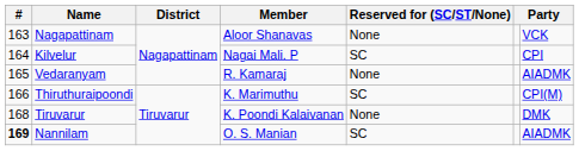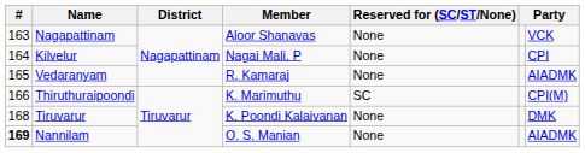 <table class="wikitable sortable">
 <tr>
 <th>#</th>
 <th>Name</th>
 <th>District</th>
 <th>Member</th>
 <th>Reserved for (<a href='#'>SC</a>/<a href='#'>ST</a>/None)</th>
 <th colspan="2">Party</th>
 </tr>
 <tr>
 <td>163</td>
 <td><a href='#'>Nagapattinam</a></td>
 <td rowspan="3"><a href='#'>Nagapattinam</a></td>
 <td><a href='#'>Aloor Shanavas</a></td>
 <td>None</td>
 <td style="background-color: "></td>
 <td><a href='#'>VCK</a></td>
 </tr>
 <tr>
 <td>164</td>
 <td><a href='#'>Kilvelur</a></td>
 <td><a href='#'>Nagai Mali. P</a></td>
-<td>SC</td>
+<td>None</td>
 <td style="background-color: "></td>
 <td><a href='#'>CPI</a></td>
 </tr>
 <tr>
 <td>165</td>
 <td><a href='#'>Vedaranyam</a></td>
 <td><a href='#'>R. Kamaraj</a></td>
 <td>None</td>
 <td style="background-color: "></td>
 <td><a href='#'>AIADMK</a></td>
 </tr>
 <tr>
 <td>166</td>
 <td><a href='#'>Thiruthuraipoondi</a></td>
 <td rowspan="3"><a href='#'>Tiruvarur</a></td>
 <td><a href='#'>K. Marimuthu</a></td>
 <td>SC</td>
 <td style="background-color: "></td>
 <td><a href='#'>CPI(M)</a></td>
 </tr>
 <tr>
 <td>168</td>
 <td><a href='#'>Tiruvarur</a></td>
 <td><a href='#'>K. Poondi Kalaivanan</a></td>
 <td>None</td>
 <td style="background-color: "></td>
 <td><a href='#'>DMK</a></td>
 </tr>
 <tr>
 <td><strong>169</strong></td>
 <td><a href='#'>Nannilam</a></td>
 <td><a href='#'>O. S. Manian</a></td>
-<td>SC</td>
+<td>None</td>
 <td style="background-color: "></td>
 <td><a href='#'>AIADMK</a></td>
 </tr>
 </table>
